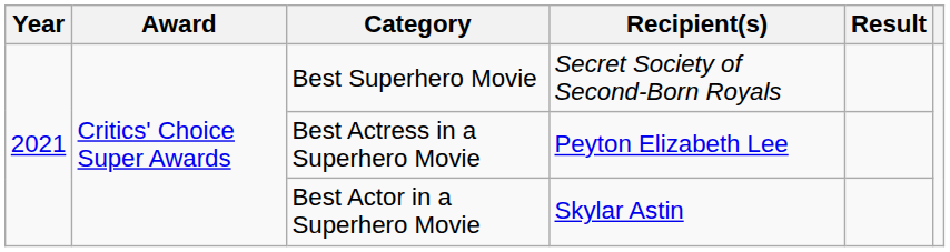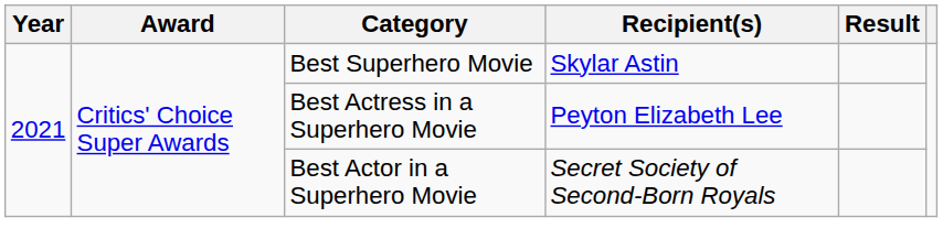 <table class="wikitable">
 <tr>
 <th>Year</th>
 <th>Award</th>
 <th>Category</th>
 <th>Recipient(s)</th>
 <th>Result</th>
 <th></th>
 </tr>
 <tr>
 <td rowspan="3"><a href='#'>2021</a></td>
 <td rowspan="3"><a href='#'>Critics' Choice Super Awards</a></td>
 <td>Best Superhero Movie</td>
-<td><em>Secret Society of Second-Born Royals</em></td>
+<td><a href='#'>Skylar Astin</a></td>
 <td></td>
 <td rowspan="3" style="text-align:center;"></td>
 </tr>
 <tr>
 <td>Best Actress in a Superhero Movie</td>
 <td><a href='#'>Peyton Elizabeth Lee</a></td>
 <td></td>
 </tr>
 <tr>
 <td>Best Actor in a Superhero Movie</td>
-<td><a href='#'>Skylar Astin</a></td>
+<td><em>Secret Society of Second-Born Royals</em></td>
 <td></td>
 </tr>
 </table>
